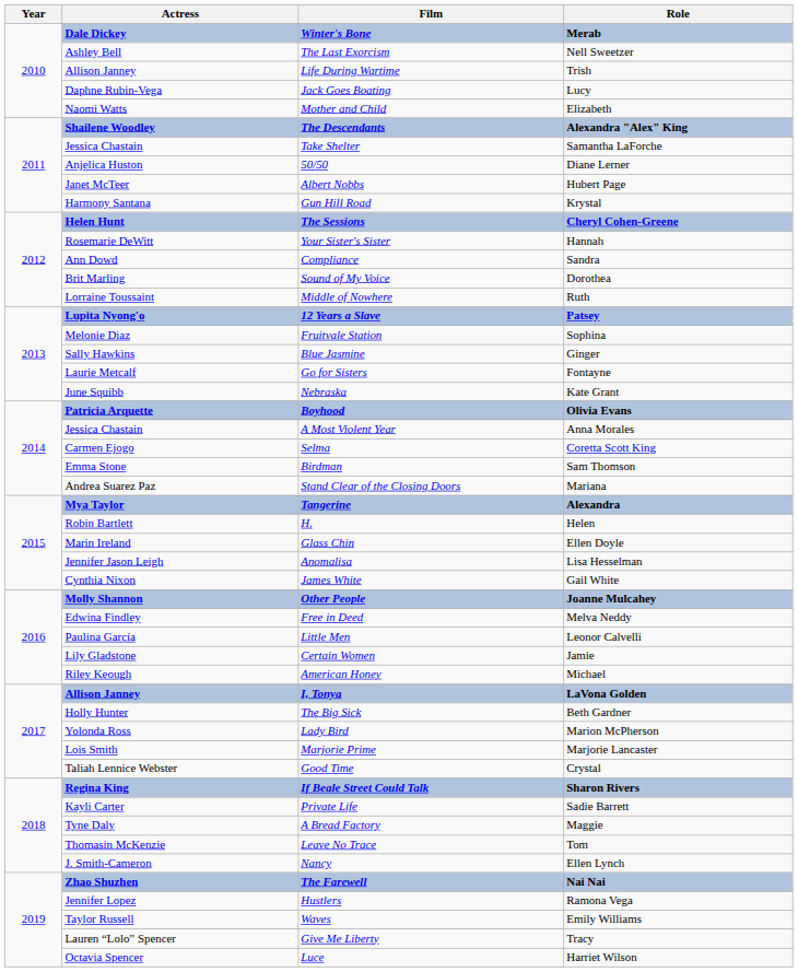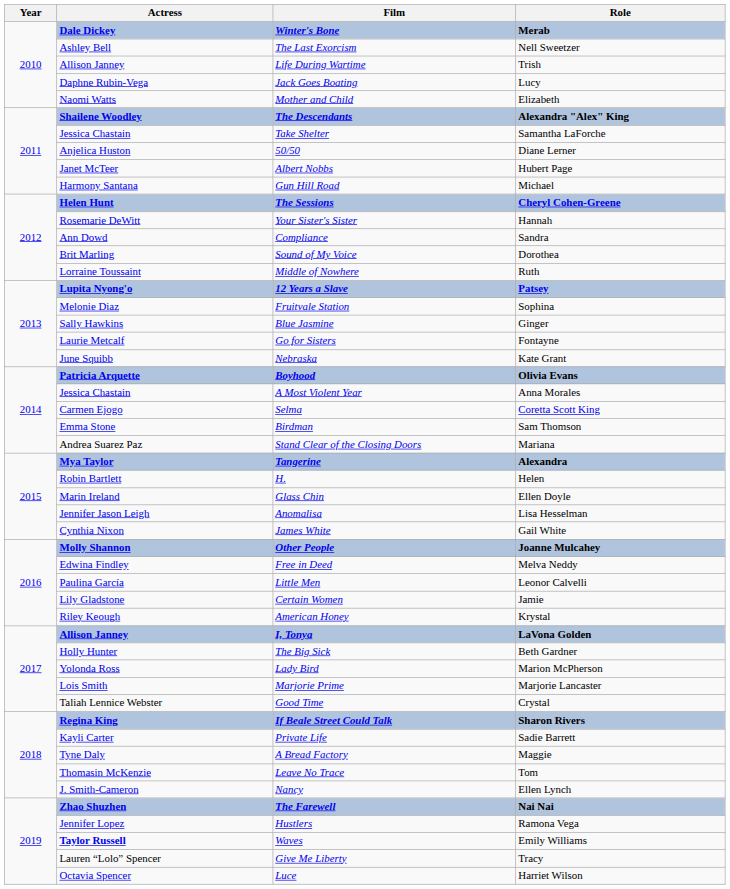 <table class=wikitable style="width="87%">
 <tr>
 <th width="70"><strong>Year</strong></th>
 <th width="310"><strong>Actress</strong></th>
 <th width="350"><strong>Film</strong></th>
 <th width="300"><strong>Role</strong></th>
 </tr>
 <tr>
 <td rowspan="5" style="text-align:center;"><a href='#'>2010</a><br></td>
 <td style="background:#B0C4DE;"><strong><a href='#'>Dale Dickey</a></strong></td>
 <td style="background:#B0C4DE;"><strong><em><a href='#'>Winter's Bone</a></em></strong></td>
 <td style="background:#B0C4DE;"><strong>Merab</strong></td>
 </tr>
 <tr>
 <td><a href='#'>Ashley Bell</a></td>
 <td><em><a href='#'>The Last Exorcism</a></em></td>
 <td>Nell Sweetzer</td>
 </tr>
 <tr>
 <td><a href='#'>Allison Janney</a></td>
 <td><em><a href='#'>Life During Wartime</a></em></td>
 <td>Trish</td>
 </tr>
 <tr>
 <td><a href='#'>Daphne Rubin-Vega</a></td>
 <td><em><a href='#'>Jack Goes Boating</a></em></td>
 <td>Lucy</td>
 </tr>
 <tr>
 <td><a href='#'>Naomi Watts</a></td>
 <td><em><a href='#'>Mother and Child</a></em></td>
 <td>Elizabeth</td>
 </tr>
 <tr>
 <td rowspan="5" style="text-align:center;"><a href='#'>2011</a><br></td>
 <td style="background:#B0C4DE;"><strong><a href='#'>Shailene Woodley</a></strong></td>
 <td style="background:#B0C4DE;"><strong><em><a href='#'>The Descendants</a></em></strong></td>
 <td style="background:#B0C4DE;"><strong>Alexandra "Alex" King</strong></td>
 </tr>
 <tr>
 <td><a href='#'>Jessica Chastain</a></td>
 <td><em><a href='#'>Take Shelter</a></em></td>
 <td>Samantha LaForche</td>
 </tr>
 <tr>
 <td><a href='#'>Anjelica Huston</a></td>
 <td><em><a href='#'>50/50</a></em></td>
 <td>Diane Lerner</td>
 </tr>
 <tr>
 <td><a href='#'>Janet McTeer</a></td>
 <td><em><a href='#'>Albert Nobbs</a></em></td>
 <td>Hubert Page</td>
 </tr>
 <tr>
 <td><a href='#'>Harmony Santana</a></td>
 <td><em><a href='#'>Gun Hill Road</a></em></td>
-<td>Krystal</td>
+<td>Michael</td>
 </tr>
 <tr>
 <td rowspan="5" style="text-align:center;"><a href='#'>2012</a><br></td>
 <td style="background:#B0C4DE;"><strong><a href='#'>Helen Hunt</a></strong></td>
 <td style="background:#B0C4DE;"><strong><em><a href='#'>The Sessions</a></em></strong></td>
 <td style="background:#B0C4DE;"><strong><a href='#'>Cheryl Cohen-Greene</a> </strong></td>
 </tr>
 <tr>
 <td><a href='#'>Rosemarie DeWitt</a></td>
 <td><em><a href='#'>Your Sister's Sister</a></em></td>
 <td>Hannah</td>
 </tr>
 <tr>
 <td><a href='#'>Ann Dowd</a></td>
 <td><em><a href='#'>Compliance</a></em></td>
 <td>Sandra</td>
 </tr>
 <tr>
 <td><a href='#'>Brit Marling</a></td>
 <td><em><a href='#'>Sound of My Voice</a></em></td>
 <td>Dorothea</td>
 </tr>
 <tr>
 <td><a href='#'>Lorraine Toussaint</a></td>
 <td><em><a href='#'>Middle of Nowhere</a></em></td>
 <td>Ruth</td>
 </tr>
 <tr>
 <td rowspan="5" style="text-align:center;"><a href='#'>2013</a><br></td>
 <td style="background:#B0C4DE;"><strong><a href='#'>Lupita Nyong'o</a></strong></td>
 <td style="background:#B0C4DE;"><strong><em><a href='#'>12 Years a Slave</a></em></strong></td>
 <td style="background:#B0C4DE;"><strong><a href='#'>Patsey</a> </strong></td>
 </tr>
 <tr>
 <td><a href='#'>Melonie Diaz</a></td>
 <td><em><a href='#'>Fruitvale Station</a></em></td>
 <td>Sophina</td>
 </tr>
 <tr>
 <td><a href='#'>Sally Hawkins</a></td>
 <td><em><a href='#'>Blue Jasmine</a></em></td>
 <td>Ginger</td>
 </tr>
 <tr>
 <td><a href='#'>Laurie Metcalf</a></td>
 <td><em><a href='#'>Go for Sisters</a></em></td>
 <td>Fontayne</td>
 </tr>
 <tr>
 <td><a href='#'>June Squibb</a></td>
 <td><em><a href='#'>Nebraska</a></em></td>
 <td>Kate Grant</td>
 </tr>
 <tr>
 <td rowspan="5" style="text-align:center;"><a href='#'>2014</a><br></td>
 <td style="background:#B0C4DE;"><strong><a href='#'>Patricia Arquette</a></strong></td>
 <td style="background:#B0C4DE;"><strong><em><a href='#'>Boyhood</a></em></strong></td>
 <td style="background:#B0C4DE;"><strong>Olivia Evans </strong></td>
 </tr>
 <tr>
 <td><a href='#'>Jessica Chastain</a></td>
 <td><em><a href='#'>A Most Violent Year</a></em></td>
 <td>Anna Morales</td>
 </tr>
 <tr>
 <td><a href='#'>Carmen Ejogo</a></td>
 <td><em><a href='#'>Selma</a></em></td>
 <td><a href='#'>Coretta Scott King</a></td>
 </tr>
 <tr>
 <td><a href='#'>Emma Stone</a></td>
 <td><em><a href='#'>Birdman</a></em></td>
 <td>Sam Thomson</td>
 </tr>
 <tr>
 <td>Andrea Suarez Paz</td>
 <td><em><a href='#'>Stand Clear of the Closing Doors</a></em></td>
 <td>Mariana</td>
 </tr>
 <tr>
 <td rowspan="5" style="text-align:center;"><a href='#'>2015</a><br></td>
 <td style="background:#B0C4DE;"><strong><a href='#'>Mya Taylor</a></strong></td>
 <td style="background:#B0C4DE;"><strong><em><a href='#'>Tangerine</a></em></strong></td>
 <td style="background:#B0C4DE;"><strong>Alexandra</strong></td>
 </tr>
 <tr>
 <td><a href='#'>Robin Bartlett</a></td>
 <td><em><a href='#'>H.</a></em></td>
 <td>Helen</td>
 </tr>
 <tr>
 <td><a href='#'>Marin Ireland</a></td>
 <td><em><a href='#'>Glass Chin</a></em></td>
 <td>Ellen Doyle</td>
 </tr>
 <tr>
 <td><a href='#'>Jennifer Jason Leigh</a></td>
 <td><em><a href='#'>Anomalisa</a></em></td>
 <td>Lisa Hesselman</td>
 </tr>
 <tr>
 <td><a href='#'>Cynthia Nixon</a></td>
 <td><em><a href='#'>James White</a></em></td>
 <td>Gail White</td>
 </tr>
 <tr>
 <td rowspan="5" style="text-align:center;"><a href='#'>2016</a><br></td>
 <td style="background:#B0C4DE;"><strong><a href='#'>Molly Shannon</a></strong></td>
 <td style="background:#B0C4DE;"><strong><em><a href='#'>Other People</a></em></strong></td>
 <td style="background:#B0C4DE;"><strong>Joanne Mulcahey</strong></td>
 </tr>
 <tr>
 <td><a href='#'>Edwina Findley</a></td>
 <td><em><a href='#'>Free in Deed</a></em></td>
 <td>Melva Neddy</td>
 </tr>
 <tr>
 <td><a href='#'>Paulina García</a></td>
 <td><em><a href='#'>Little Men</a></em></td>
 <td>Leonor Calvelli</td>
 </tr>
 <tr>
 <td><a href='#'>Lily Gladstone</a></td>
 <td><em><a href='#'>Certain Women</a></em></td>
 <td>Jamie</td>
 </tr>
 <tr>
 <td><a href='#'>Riley Keough</a></td>
 <td><em><a href='#'>American Honey</a></em></td>
-<td>Michael</td>
+<td>Krystal</td>
 </tr>
 <tr>
 <td rowspan="5" style="text-align:center;"><a href='#'>2017</a><br></td>
 <td style="background:#B0C4DE;"><strong><a href='#'>Allison Janney</a></strong></td>
 <td style="background:#B0C4DE;"><strong><em><a href='#'>I, Tonya</a></em></strong></td>
 <td style="background:#B0C4DE;"><strong>LaVona Golden </strong></td>
 </tr>
 <tr>
 <td><a href='#'>Holly Hunter</a></td>
 <td><em><a href='#'>The Big Sick</a></em></td>
 <td>Beth Gardner</td>
 </tr>
 <tr>
 <td><a href='#'>Yolonda Ross</a></td>
 <td><em><a href='#'>Lady Bird</a></em></td>
 <td>Marion McPherson</td>
 </tr>
 <tr>
 <td><a href='#'>Lois Smith</a></td>
 <td><em><a href='#'>Marjorie Prime</a></em></td>
 <td>Marjorie Lancaster</td>
 </tr>
 <tr>
 <td>Taliah Lennice Webster</td>
 <td><em><a href='#'>Good Time</a></em></td>
 <td>Crystal</td>
 </tr>
 <tr>
 <td rowspan="5" style="text-align:center;"><a href='#'>2018</a><br></td>
 <td style="background:#B0C4DE;"><strong><a href='#'>Regina King</a></strong></td>
 <td style="background:#B0C4DE;"><strong><em><a href='#'>If Beale Street Could Talk</a></em></strong></td>
 <td style="background:#B0C4DE;"><strong>Sharon Rivers </strong></td>
 </tr>
 <tr>
 <td><a href='#'>Kayli Carter</a></td>
 <td><em><a href='#'>Private Life</a></em></td>
 <td>Sadie Barrett</td>
 </tr>
 <tr>
 <td><a href='#'>Tyne Daly</a></td>
 <td><em><a href='#'>A Bread Factory</a></em></td>
 <td>Maggie</td>
 </tr>
 <tr>
 <td><a href='#'>Thomasin McKenzie</a></td>
 <td><em><a href='#'>Leave No Trace</a></em></td>
 <td>Tom</td>
 </tr>
 <tr>
 <td><a href='#'>J. Smith-Cameron</a></td>
 <td><em><a href='#'>Nancy</a></em></td>
 <td>Ellen Lynch</td>
 </tr>
 <tr>
 <td rowspan="5" style="text-align:center;"><a href='#'>2019</a><br></td>
 <td style="background:#B0C4DE;"><strong><a href='#'>Zhao Shuzhen</a></strong></td>
 <td style="background:#B0C4DE;"><strong><em><a href='#'>The Farewell</a></em></strong></td>
 <td style="background:#B0C4DE;"><strong>Nai Nai</strong></td>
 </tr>
 <tr>
 <td><a href='#'>Jennifer Lopez</a></td>
 <td><em><a href='#'>Hustlers</a></em></td>
 <td>Ramona Vega</td>
 </tr>
 <tr>
-<td><a href='#'>Taylor Russell</a></td>
+<td><strong><a href='#'>Taylor Russell</a></strong></td>
 <td><em><a href='#'>Waves</a></em></td>
 <td>Emily Williams</td>
 </tr>
 <tr>
 <td>Lauren “Lolo” Spencer</td>
 <td><em><a href='#'>Give Me Liberty</a></em></td>
 <td>Tracy</td>
 </tr>
 <tr>
 <td><a href='#'>Octavia Spencer</a></td>
 <td><em><a href='#'>Luce</a></em></td>
 <td>Harriet Wilson</td>
 </tr>
 </table>
